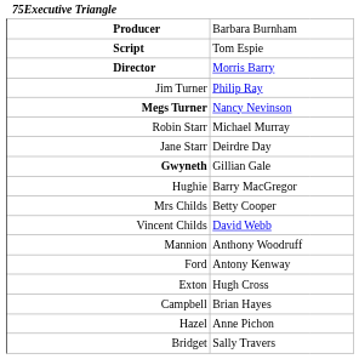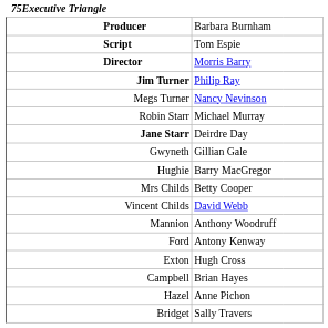 <table class="wikitable mw-collapsible mw-collapsed" style="vertical-align:top;margin:auto 2em;line-height:1.2;min-width:33em;display: inline-table;background-color:inherit;border:none;">
 <tr>
 <td class=unsortable style="border:hidden;line-height:1.67;text-align:center;margin-left:-1em;padding-left:0.5em;min-width:1.0em;"></td>
 <td class=unsortable style="border:none;padding-left:0.5em;text-align:left;min-width:16.5em;font-weight:700;font-style:italic;">75Executive Triangle</td>
 <td class=unsortable style="border:none;text-align:right;font-weight:normal;font-family:Courier;font-size:95%;letter-spacing:-1pt;min-width:8.5em;padding-right:0.2em;"></td>
 <td class=unsortable style="border:hidden;min-width:3.5em;padding-left:0;"></td>
 <td class=unsortable style="border:hidden;min-width:3.5em;font-size:95%;"></td>
 </tr>
 <tr>
 <td rowspan=100 style="border:none thin;border-right-style :solid;"></td>
 </tr>
 <tr>
 <td style="text-align:left;padding-left:9.0em;font-weight:bold;">Producer</td>
 <td colspan=2>Barbara Burnham</td>
 </tr>
 <tr>
 <td style="text-align:left;padding-left:9.0em;font-weight:bold;">Script</td>
 <td colspan=2>Tom Espie</td>
 </tr>
 <tr>
 <td style="text-align:left;padding-left:9.0em;font-weight:bold;">Director</td>
 <td colspan=2><a href='#'>Morris Barry</a></td>
 </tr>
 <tr>
-<td style="text-align:right;">Jim Turner</td>
+<td style="text-align:right;"><strong>Jim Turner</strong></td>
 <td colspan=2><a href='#'>Philip Ray</a></td>
 </tr>
 <tr>
-<td style="text-align:right;"><strong>Megs Turner</strong></td>
+<td style="text-align:right;">Megs Turner</td>
 <td colspan=2><a href='#'>Nancy Nevinson</a></td>
 </tr>
 <tr>
 <td style="text-align:right;">Robin Starr</td>
 <td colspan=2>Michael Murray</td>
 </tr>
 <tr>
-<td style="text-align:right;">Jane Starr</td>
+<td style="text-align:right;"><strong>Jane Starr</strong></td>
 <td colspan=2>Deirdre Day</td>
 </tr>
 <tr>
-<td style="text-align:right;"><strong>Gwyneth</strong></td>
+<td style="text-align:right;">Gwyneth</td>
 <td colspan=2>Gillian Gale</td>
 </tr>
 <tr>
 <td style="text-align:right;">Hughie</td>
 <td colspan=2>Barry MacGregor</td>
 </tr>
 <tr>
 <td style="text-align:right;">Mrs Childs</td>
 <td colspan=2>Betty Cooper</td>
 </tr>
 <tr>
 <td style="text-align:right;">Vincent Childs</td>
 <td colspan=2><a href='#'>David Webb</a></td>
 </tr>
 <tr>
 <td style="text-align:right;">Mannion</td>
 <td colspan=2>Anthony Woodruff</td>
 </tr>
 <tr>
 <td style="text-align:right;">Ford</td>
 <td colspan=2>Antony Kenway</td>
 </tr>
 <tr>
 <td style="text-align:right;">Exton</td>
 <td colspan=2>Hugh Cross</td>
 </tr>
 <tr>
 <td style="text-align:right;">Campbell</td>
 <td colspan=2>Brian Hayes</td>
 </tr>
 <tr>
 <td style="text-align:right;">Hazel</td>
 <td colspan=2>Anne Pichon</td>
 </tr>
 <tr>
 <td style="text-align:right;">Bridget</td>
 <td colspan=2>Sally Travers</td>
 </tr>
 </table>
